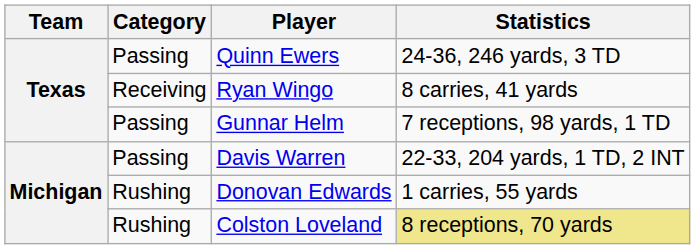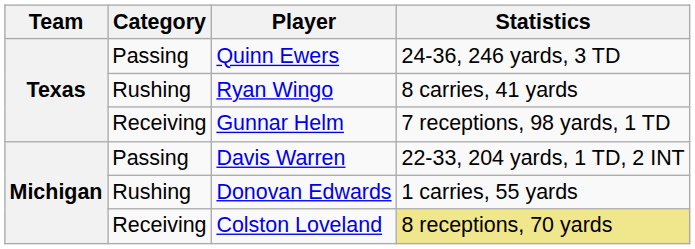 <table class="wikitable" style="float:right">
 <tr>
 <th>Team</th>
 <th>Category</th>
 <th>Player</th>
 <th>Statistics</th>
 </tr>
 <tr>
 <th rowspan=3>Texas</th>
 <td>Passing</td>
 <td><a href='#'>Quinn Ewers</a></td>
 <td>24-36, 246 yards, 3 TD</td>
 </tr>
 <tr>
-<td>Receiving</td>
+<td>Rushing</td>
 <td><a href='#'>Ryan Wingo</a></td>
 <td>8 carries, 41 yards</td>
 </tr>
 <tr>
-<td>Passing</td>
+<td>Receiving</td>
 <td><a href='#'>Gunnar Helm</a></td>
 <td>7 receptions, 98 yards, 1 TD</td>
 </tr>
 <tr>
 <th rowspan=3>Michigan</th>
 <td>Passing</td>
 <td><a href='#'>Davis Warren</a></td>
 <td>22-33, 204 yards, 1 TD, 2 INT</td>
 </tr>
 <tr>
 <td>Rushing</td>
 <td><a href='#'>Donovan Edwards</a></td>
 <td>1 carries, 55 yards</td>
 </tr>
 <tr>
-<td>Rushing</td>
+<td>Receiving</td>
 <td><a href='#'>Colston Loveland</a></td>
 <td style="background: khaki;">8 receptions, 70 yards</td>
 </tr>
 </table>
